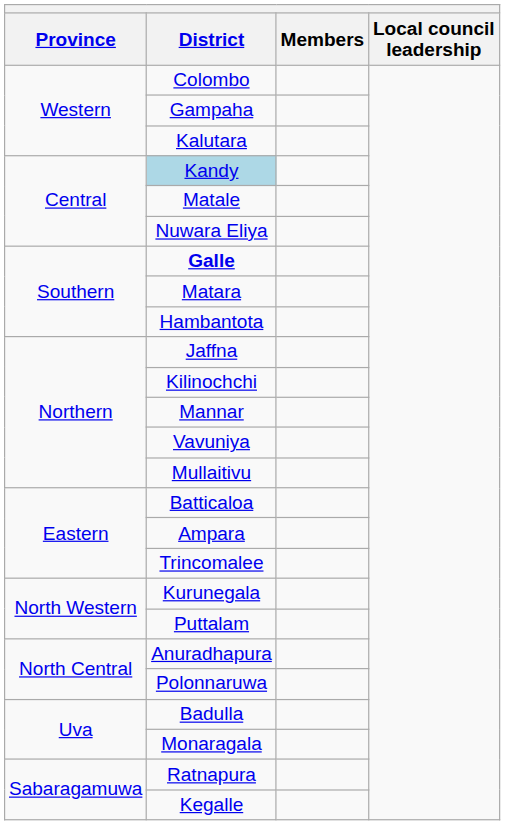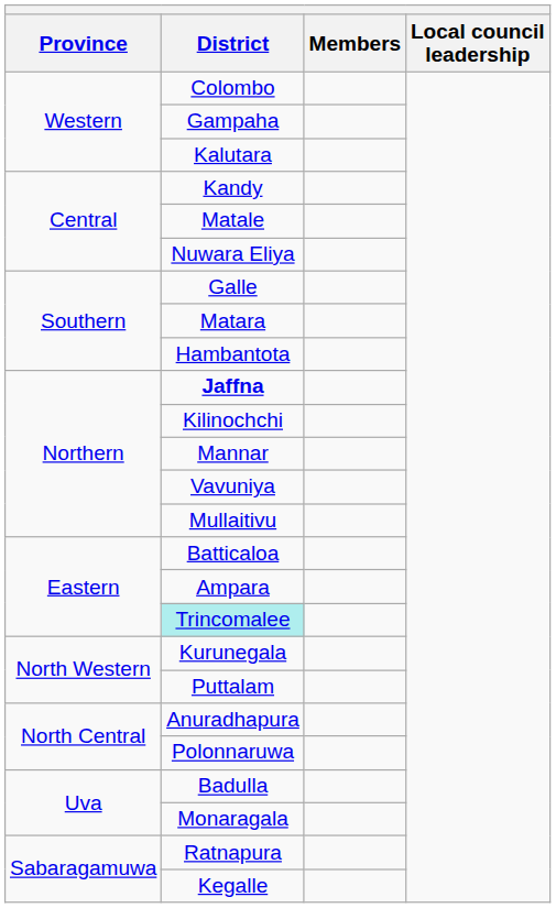 <table class="wikitable sortable sticky-header-multi mw-collapsible mw-collapsed" style="font-size:100%; text-align:center">
 <tr>
 <th colspan=4></th>
 </tr>
 <tr>
 <th><a href='#'>Province</a></th>
 <th><a href='#'>District</a></th>
 <th class="unsortable">Members</th>
 <th class="unsortable">Local council<br>leadership</th>
 </tr>
 <tr>
 <td rowspan=3><a href='#'>Western</a></td>
 <td><a href='#'>Colombo</a></td>
 <td></td>
 <td rowspan=25></td>
 </tr>
 <tr>
 <td><a href='#'>Gampaha</a></td>
 <td></td>
 </tr>
 <tr>
 <td><a href='#'>Kalutara</a></td>
 <td></td>
 </tr>
 <tr>
 <td rowspan=3><a href='#'>Central</a></td>
-<td style="background: lightblue;"><a href='#'>Kandy</a></td>
+<td><a href='#'>Kandy</a></td>
 <td></td>
 </tr>
 <tr>
 <td><a href='#'>Matale</a></td>
 <td></td>
 </tr>
 <tr>
 <td><a href='#'>Nuwara Eliya</a></td>
 <td></td>
 </tr>
 <tr>
 <td rowspan=3><a href='#'>Southern</a></td>
-<td><strong><a href='#'>Galle</a></strong></td>
+<td><a href='#'>Galle</a></td>
 <td></td>
 </tr>
 <tr>
 <td><a href='#'>Matara</a></td>
 <td></td>
 </tr>
 <tr>
 <td><a href='#'>Hambantota</a></td>
 <td></td>
 </tr>
 <tr>
 <td rowspan=5><a href='#'>Northern</a></td>
-<td><a href='#'>Jaffna</a></td>
+<td><strong><a href='#'>Jaffna</a></strong></td>
 <td></td>
 </tr>
 <tr>
 <td><a href='#'>Kilinochchi</a></td>
 <td></td>
 </tr>
 <tr>
 <td><a href='#'>Mannar</a></td>
 <td></td>
 </tr>
 <tr>
 <td><a href='#'>Vavuniya</a></td>
 <td></td>
 </tr>
 <tr>
 <td><a href='#'>Mullaitivu</a></td>
 <td></td>
 </tr>
 <tr>
 <td rowspan=3><a href='#'>Eastern</a></td>
 <td><a href='#'>Batticaloa</a></td>
 <td></td>
 </tr>
 <tr>
 <td><a href='#'>Ampara</a></td>
 <td></td>
 </tr>
 <tr>
-<td><a href='#'>Trincomalee</a></td>
+<td style="background: paleturquoise;"><a href='#'>Trincomalee</a></td>
 <td></td>
 </tr>
 <tr>
 <td rowspan=2><a href='#'>North Western</a></td>
 <td><a href='#'>Kurunegala</a></td>
 <td></td>
 </tr>
 <tr>
 <td><a href='#'>Puttalam</a></td>
 <td></td>
 </tr>
 <tr>
 <td rowspan=2><a href='#'>North Central</a></td>
 <td><a href='#'>Anuradhapura</a></td>
 <td></td>
 </tr>
 <tr>
 <td><a href='#'>Polonnaruwa</a></td>
 <td></td>
 </tr>
 <tr>
 <td rowspan=2><a href='#'>Uva</a></td>
 <td><a href='#'>Badulla</a></td>
 <td></td>
 </tr>
 <tr>
 <td><a href='#'>Monaragala</a></td>
 <td></td>
 </tr>
 <tr>
 <td rowspan=2><a href='#'>Sabaragamuwa</a></td>
 <td><a href='#'>Ratnapura</a></td>
 <td></td>
 </tr>
 <tr>
 <td><a href='#'>Kegalle</a></td>
 <td></td>
 </tr>
 </table>
